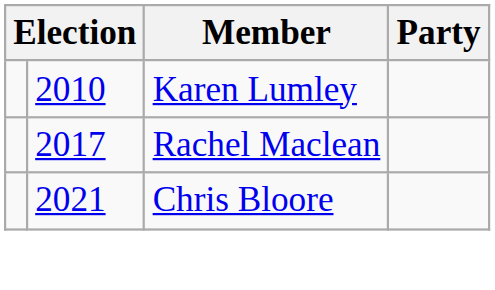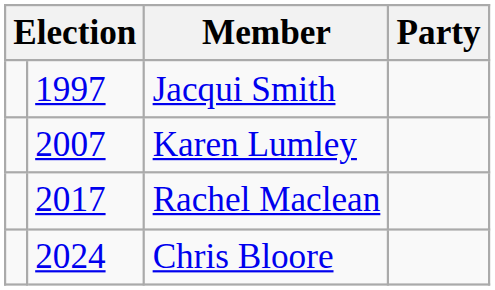 <table class="wikitable">
 <tr>
 <th colspan="2">Election</th>
 <th>Member</th>
 <th>Party</th>
 </tr>
 <tr>
 <td style="color:inherit;background-color: "></td>
-<td><a href='#'>2010</a></td>
+<td><a href='#'>1997</a></td>
+<td><a href='#'>Jacqui Smith</a></td>
+<td></td>
+</tr>
+<tr>
+<td style="color:inherit;background-color: "></td>
+<td><a href='#'>2007</a></td>
 <td><a href='#'>Karen Lumley</a></td>
 <td></td>
 </tr>
 <tr>
 <td style="color:inherit;background-color: "></td>
 <td><a href='#'>2017</a></td>
 <td><a href='#'>Rachel Maclean</a></td>
 <td></td>
 </tr>
 <tr>
 <td style="color:inherit;background-color: "></td>
-<td><a href='#'>2021</a></td>
+<td><a href='#'>2024</a></td>
 <td><a href='#'>Chris Bloore</a></td>
 <td></td>
 </tr>
 </table>
